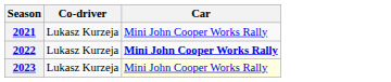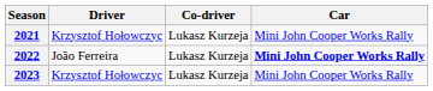 <table class="wikitable" style="font-size:100%;">
 <tr>
 <th>Season</th>
+<th>Driver</th>
 <th>Co-driver</th>
 <th>Car</th>
 </tr>
 <tr>
 <th align=center><a href='#'>2021</a></th>
+<td> <a href='#'>Krzysztof Hołowczyc</a></td>
 <td> Lukasz Kurzeja</td>
 <td><a href='#'>Mini John Cooper Works Rally</a></td>
 </tr>
 <tr>
 <th align=center><a href='#'>2022</a></th>
+<td> João Ferreira</td>
 <td> Lukasz Kurzeja</td>
 <td><strong><a href='#'>Mini John Cooper Works Rally</a></strong></td>
 </tr>
 <tr>
 <th align=center><a href='#'>2023</a></th>
+<td> <a href='#'>Krzysztof Hołowczyc</a></td>
 <td> Lukasz Kurzeja</td>
-<td style="background: lightyellow;"><a href='#'>Mini John Cooper Works Rally</a></td>
+<td><a href='#'>Mini John Cooper Works Rally</a></td>
 </tr>
 </table>
